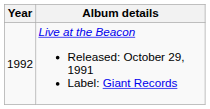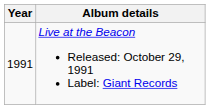 <table class="wikitable" style="text-align:left;">
 <tr>
 <th rowspan="1">Year</th>
 <th rowspan="1" style="width:225px;">Album details</th>
 </tr>
 <tr>
-<td>1992</td>
+<td>1991</td>
 <td><em><a href='#'>Live at the Beacon</a></em><br><ul><li>Released: October 29, 1991</li><li>Label: <a href='#'>Giant Records</a></li></ul></td>
 </tr>
 </table>
